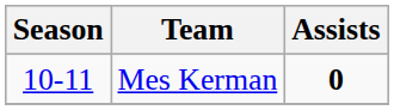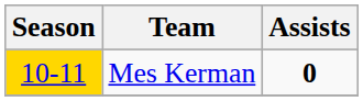 <table class="wikitable" style="text-align: center;">
 <tr>
 <th>Season</th>
 <th>Team</th>
 <th>Assists</th>
 </tr>
 <tr>
-<td><a href='#'>10-11</a></td>
+<td style="background: gold;"><a href='#'>10-11</a></td>
 <td align="left"><a href='#'>Mes Kerman</a></td>
 <td><strong>0</strong></td>
 </tr>
 <tr>
 </tr>
 </table>
